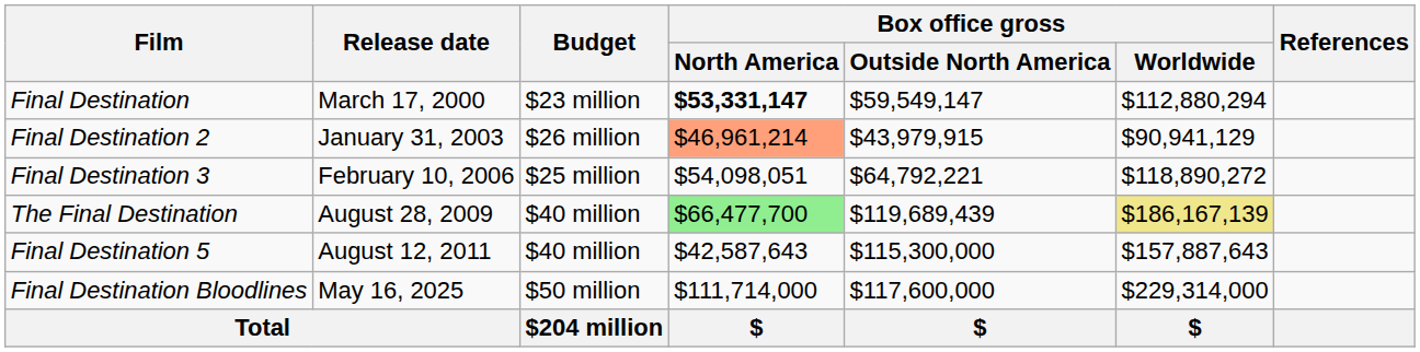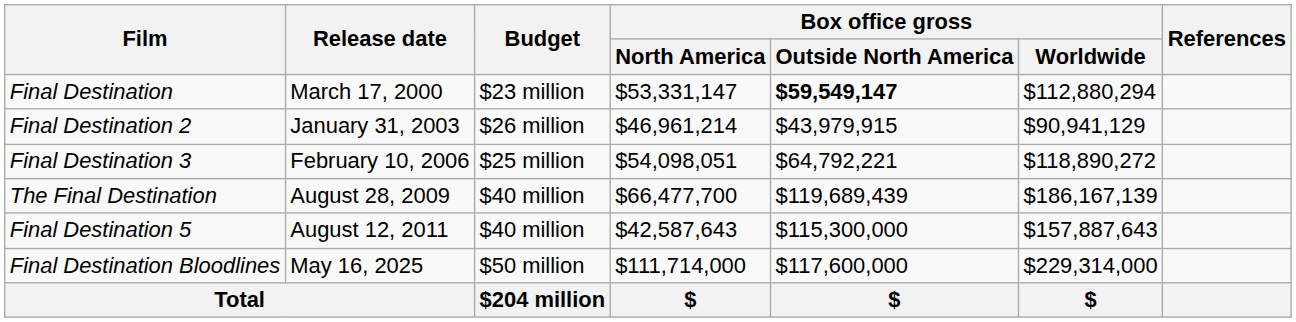 <table class="wikitable sortable" text-align:center;">
 <tr>
 <th rowspan="2">Film</th>
 <th rowspan="2">Release date</th>
 <th rowspan="2">Budget</th>
 <th colspan="3">Box office gross</th>
 <th rowspan="2" class="unsortable">References</th>
 </tr>
 <tr>
 <th>North America</th>
 <th>Outside North America</th>
 <th>Worldwide</th>
 </tr>
 <tr>
 <td style="text-align:left;"><em>Final Destination</em></td>
 <td>March 17, 2000</td>
 <td>$23 million</td>
-<td><strong>$53,331,147</strong></td>
-<td>$59,549,147</td>
+<td>$53,331,147</td>
+<td><strong>$59,549,147</strong></td>
 <td>$112,880,294</td>
 <td></td>
 </tr>
 <tr>
 <td style="text-align:left;"><em>Final Destination 2</em></td>
 <td>January 31, 2003</td>
 <td>$26 million</td>
-<td style="background: lightsalmon;">$46,961,214</td>
+<td>$46,961,214</td>
 <td>$43,979,915</td>
 <td>$90,941,129</td>
 <td></td>
 </tr>
 <tr>
 <td style="text-align:left;"><em>Final Destination 3</em></td>
 <td>February 10, 2006</td>
 <td>$25 million</td>
 <td>$54,098,051</td>
 <td>$64,792,221</td>
 <td>$118,890,272</td>
 <td></td>
 </tr>
 <tr>
 <td style="text-align:left;"><em>The Final Destination</em></td>
 <td>August 28, 2009</td>
 <td>$40 million</td>
-<td style="background: lightgreen;">$66,477,700</td>
+<td>$66,477,700</td>
 <td>$119,689,439</td>
-<td style="background: khaki;">$186,167,139</td>
+<td>$186,167,139</td>
 <td></td>
 </tr>
 <tr>
 <td style="text-align:left;"><em>Final Destination 5</em></td>
 <td>August 12, 2011</td>
 <td>$40 million</td>
 <td>$42,587,643</td>
 <td>$115,300,000</td>
 <td>$157,887,643</td>
 <td></td>
 </tr>
 <tr>
 <td style="text-align:left;"><em>Final Destination Bloodlines</em></td>
 <td>May 16, 2025</td>
 <td>$50 million</td>
 <td>$111,714,000</td>
 <td>$117,600,000</td>
 <td>$229,314,000</td>
 <td></td>
 </tr>
 <tr>
 <th colspan="2">Total</th>
 <th>$204 million</th>
 <th>$</th>
 <th>$</th>
 <th>$</th>
 <th></th>
 </tr>
 </table>
